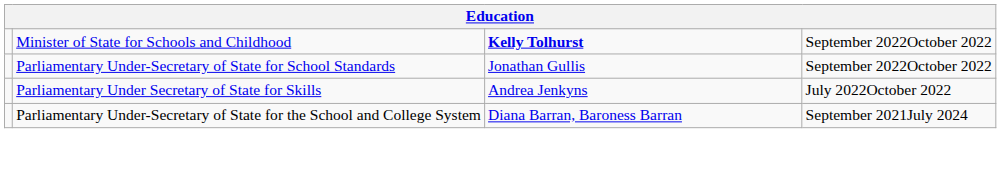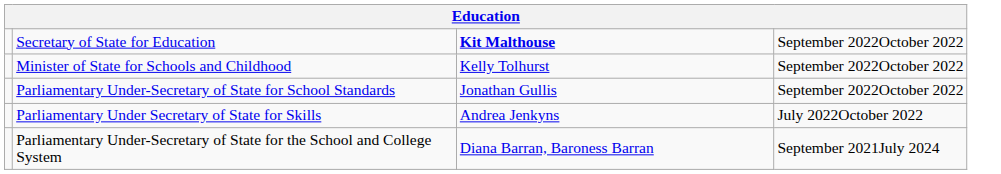 <table class="wikitable">
 <tr>
 <th colspan="4"><a href='#'>Education</a></th>
 </tr>
 <tr>
 <td rowspan="1" style="width: 1px; background: "></td>
+<td rowspan=1 style="width: 450px;"><a href='#'>Secretary of State for Education</a></td>
+<td style="width: 320px;"><strong><a href='#'>Kit Malthouse</a></strong></td>
+<td>September 2022October 2022</td>
+</tr>
+<tr>
+<td rowspan="1" style="width: 1px; background: "></td>
 <td rowspan=1><a href='#'>Minister of State for Schools and Childhood</a></td>
-<td style="width: 320px;"><strong><a href='#'>Kelly Tolhurst</a></strong></td>
+<td style="width: 320px;"><a href='#'>Kelly Tolhurst</a></td>
 <td>September 2022October 2022</td>
 </tr>
 <tr>
 <td rowspan="1" style="width: 1px; background: "></td>
 <td rowspan=1><a href='#'>Parliamentary Under-Secretary of State for School Standards</a></td>
 <td style="width: 320px;"><a href='#'>Jonathan Gullis</a></td>
 <td>September 2022October 2022</td>
 </tr>
 <tr>
 <td rowspan="1" style="width: 1px; background: "></td>
 <td rowspan=1><a href='#'>Parliamentary Under Secretary of State for Skills</a></td>
 <td style="width: 320px;"><a href='#'>Andrea Jenkyns</a></td>
 <td>July 2022October 2022</td>
 </tr>
 <tr>
 <td rowspan=1 style="width: 1px; background: "></td>
 <td rowspan=1>Parliamentary Under-Secretary of State for the School and College System</td>
 <td><a href='#'>Diana Barran, Baroness Barran</a> </td>
 <td>September 2021July 2024</td>
 </tr>
 </table>
